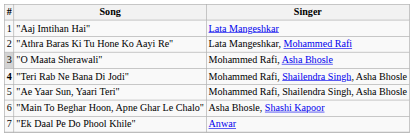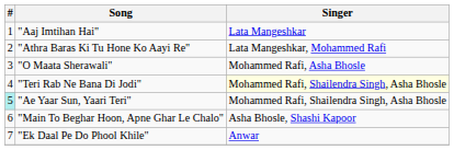 <table class="wikitable">
 <tr>
 <th>#</th>
 <th>Song</th>
 <th>Singer</th>
 </tr>
 <tr>
 <td>1</td>
 <td>"Aaj Imtihan Hai"</td>
 <td><a href='#'>Lata Mangeshkar</a></td>
 </tr>
 <tr>
 <td>2</td>
 <td>"Athra Baras Ki Tu Hone Ko Aayi Re"</td>
 <td>Lata Mangeshkar, <a href='#'>Mohammed Rafi</a></td>
 </tr>
 <tr>
-<td style="background: lightgrey;">3</td>
+<td>3</td>
 <td>"O Maata Sherawali"</td>
 <td>Mohammed Rafi, <a href='#'>Asha Bhosle</a></td>
 </tr>
 <tr>
-<td><strong>4</strong></td>
+<td>4</td>
 <td>"Teri Rab Ne Bana Di Jodi"</td>
-<td>Mohammed Rafi, <a href='#'>Shailendra Singh</a>, Asha Bhosle</td>
+<td style="background: lightyellow;">Mohammed Rafi, <a href='#'>Shailendra Singh</a>, Asha Bhosle</td>
 </tr>
 <tr>
-<td>5</td>
+<td style="background: paleturquoise;">5</td>
 <td>"Ae Yaar Sun, Yaari Teri"</td>
 <td>Mohammed Rafi, Shailendra Singh, Asha Bhosle</td>
 </tr>
 <tr>
 <td>6</td>
 <td>"Main To Beghar Hoon, Apne Ghar Le Chalo"</td>
 <td>Asha Bhosle, <a href='#'>Shashi Kapoor</a></td>
 </tr>
 <tr>
 <td>7</td>
 <td>"Ek Daal Pe Do Phool Khile"</td>
 <td><a href='#'>Anwar</a></td>
 </tr>
 <tr>
 </tr>
 </table>
